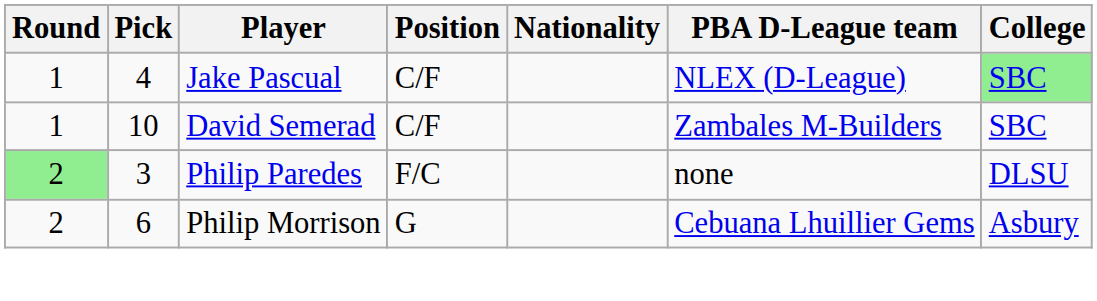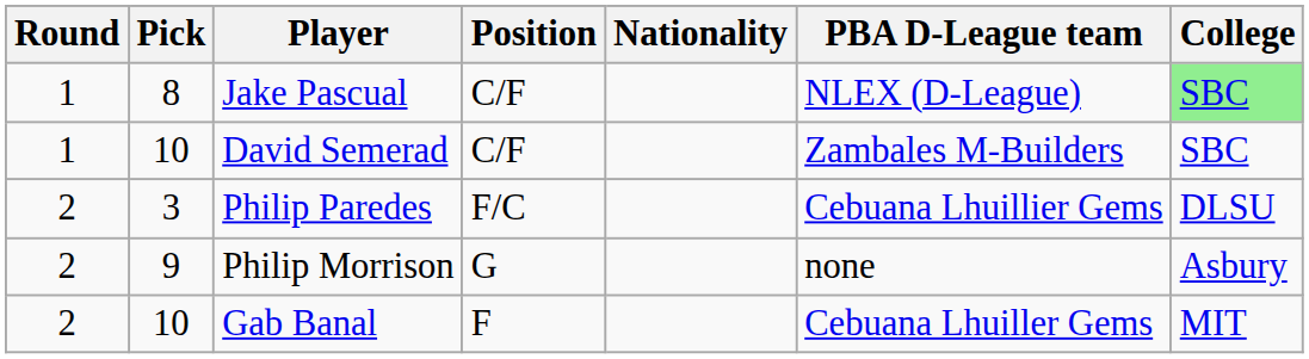 <table class="wikitable sortable sortable">
 <tr>
 <th>Round</th>
 <th>Pick</th>
 <th>Player</th>
 <th>Position</th>
 <th>Nationality</th>
 <th>PBA D-League team</th>
 <th>College</th>
 </tr>
 <tr>
 <td align=center>1</td>
-<td align=center>4</td>
+<td align=center>8</td>
 <td><a href='#'>Jake Pascual</a></td>
 <td>C/F</td>
 <td></td>
 <td><a href='#'>NLEX (D-League)</a></td>
 <td style="background: lightgreen;"><a href='#'>SBC</a></td>
 </tr>
 <tr>
 <td align=center>1</td>
 <td align=center>10</td>
 <td><a href='#'>David Semerad</a></td>
 <td>C/F</td>
 <td></td>
 <td><a href='#'>Zambales M-Builders</a></td>
 <td><a href='#'>SBC</a></td>
 </tr>
 <tr>
-<td align=center style="background: lightgreen;">2</td>
+<td align=center>2</td>
 <td align=center>3</td>
 <td><a href='#'>Philip Paredes</a></td>
 <td>F/C</td>
 <td></td>
-<td>none</td>
+<td><a href='#'>Cebuana Lhuillier Gems</a></td>
 <td><a href='#'>DLSU</a></td>
 </tr>
 <tr>
 <td align=center>2</td>
-<td align=center>6</td>
+<td align=center>9</td>
 <td>Philip Morrison</td>
 <td>G</td>
 <td></td>
-<td><a href='#'>Cebuana Lhuillier Gems</a></td>
+<td>none</td>
 <td><a href='#'>Asbury</a></td>
 </tr>
+<tr>
+<td align=center>2</td>
+<td align=center>10</td>
+<td><a href='#'>Gab Banal</a></td>
+<td>F</td>
+<td></td>
+<td><a href='#'>Cebuana Lhuiller Gems</a></td>
+<td><a href='#'>MIT</a></td>
+</tr>
 </table>
